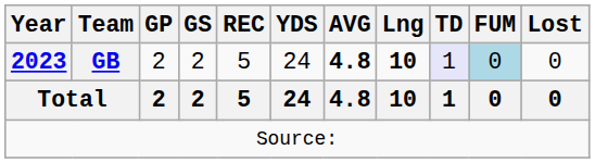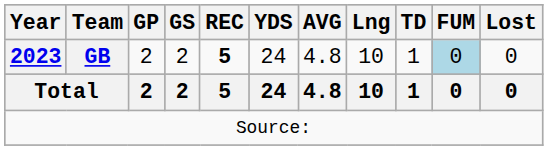 <table class="wikitable" style="text-align:center">
 <tr>
 <th>Year</th>
 <th>Team</th>
 <th>GP</th>
 <th>GS</th>
 <th>REC</th>
 <th>YDS</th>
 <th>AVG</th>
 <th>Lng</th>
 <th>TD</th>
 <th>FUM</th>
 <th>Lost</th>
 </tr>
 <tr>
 <th><a href='#'>2023</a></th>
 <th><a href='#'>GB</a></th>
 <td>2</td>
 <td>2</td>
-<td>5</td>
+<td><strong>5</strong></td>
 <td>24</td>
-<td><strong>4.8</strong></td>
-<td><strong>10</strong></td>
-<td style="background: lavender;">1</td>
+<td>4.8</td>
+<td>10</td>
+<td>1</td>
 <td style="background: lightblue;">0</td>
 <td>0</td>
 </tr>
 <tr>
 <th colspan="2">Total</th>
 <th>2</th>
 <th>2</th>
 <th>5</th>
 <th>24</th>
 <th>4.8</th>
 <th>10</th>
 <th>1</th>
 <th>0</th>
 <th>0</th>
 </tr>
 <tr>
 <td colspan="11"><small>Source: </small></td>
 </tr>
 </table>
